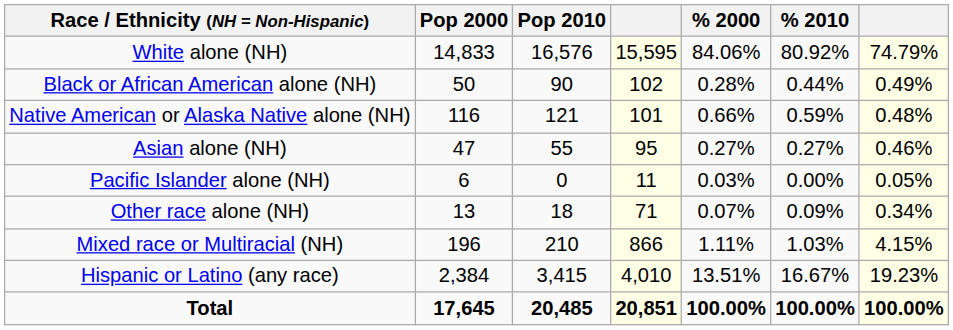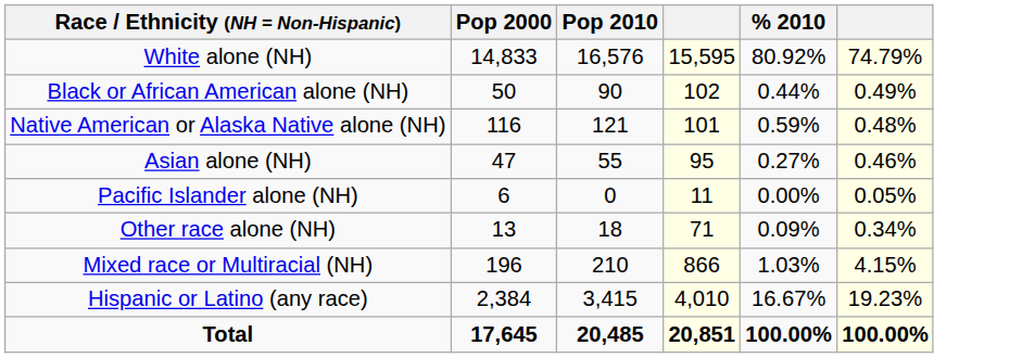 <table class="wikitable" style="text-align:center;">
 <tr>
 <th>Race / Ethnicity <small>(<em>NH = Non-Hispanic</em>)</small></th>
 <th>Pop 2000</th>
 <th>Pop 2010</th>
 <th></th>
-<th>% 2000</th>
 <th>% 2010</th>
 <th></th>
 </tr>
 <tr>
 <td><a href='#'>White</a> alone (NH)</td>
 <td>14,833</td>
 <td>16,576</td>
 <td style='background: #ffffe6;'>15,595</td>
-<td>84.06%</td>
 <td>80.92%</td>
 <td style='background: #ffffe6;'>74.79%</td>
 </tr>
 <tr>
 <td><a href='#'>Black or African American</a> alone (NH)</td>
 <td>50</td>
 <td>90</td>
 <td style='background: #ffffe6;'>102</td>
-<td>0.28%</td>
 <td>0.44%</td>
 <td style='background: #ffffe6;'>0.49%</td>
 </tr>
 <tr>
 <td><a href='#'>Native American</a> or <a href='#'>Alaska Native</a> alone (NH)</td>
 <td>116</td>
 <td>121</td>
 <td style='background: #ffffe6;'>101</td>
-<td>0.66%</td>
 <td>0.59%</td>
 <td style='background: #ffffe6;'>0.48%</td>
 </tr>
 <tr>
 <td><a href='#'>Asian</a> alone (NH)</td>
 <td>47</td>
 <td>55</td>
 <td style='background: #ffffe6;'>95</td>
 <td>0.27%</td>
-<td>0.27%</td>
 <td style='background: #ffffe6;'>0.46%</td>
 </tr>
 <tr>
 <td><a href='#'>Pacific Islander</a> alone (NH)</td>
 <td>6</td>
 <td>0</td>
 <td style='background: #ffffe6;'>11</td>
-<td>0.03%</td>
 <td>0.00%</td>
 <td style='background: #ffffe6;'>0.05%</td>
 </tr>
 <tr>
 <td><a href='#'>Other race</a> alone (NH)</td>
 <td>13</td>
 <td>18</td>
 <td style='background: #ffffe6;'>71</td>
-<td>0.07%</td>
 <td>0.09%</td>
 <td style='background: #ffffe6;'>0.34%</td>
 </tr>
 <tr>
 <td><a href='#'>Mixed race or Multiracial</a> (NH)</td>
 <td>196</td>
 <td>210</td>
 <td style='background: #ffffe6;'>866</td>
-<td>1.11%</td>
 <td>1.03%</td>
 <td style='background: #ffffe6;'>4.15%</td>
 </tr>
 <tr>
 <td><a href='#'>Hispanic or Latino</a> (any race)</td>
 <td>2,384</td>
 <td>3,415</td>
 <td style='background: #ffffe6;'>4,010</td>
-<td>13.51%</td>
 <td>16.67%</td>
 <td style='background: #ffffe6;'>19.23%</td>
 </tr>
 <tr>
 <td><strong>Total</strong></td>
 <td><strong>17,645</strong></td>
 <td><strong>20,485</strong></td>
 <td style='background: #ffffe6;'><strong>20,851</strong></td>
 <td><strong>100.00%</strong></td>
-<td><strong>100.00%</strong></td>
 <td style='background: #ffffe6;'><strong>100.00%</strong></td>
 </tr>
 </table>
